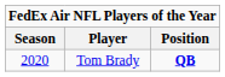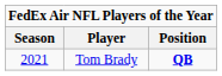 <table class="wikitable" style="text-align:center">
 <tr>
 <td colspan="3"><strong>FedEx Air NFL Players of the Year</strong></td>
 </tr>
 <tr>
 <th>Season</th>
 <th>Player</th>
 <th>Position</th>
 </tr>
 <tr>
-<td><a href='#'>2020</a></td>
+<td><a href='#'>2021</a></td>
 <td><a href='#'>Tom Brady</a></td>
 <td><strong><a href='#'>QB</a></strong></td>
 </tr>
 </table>
